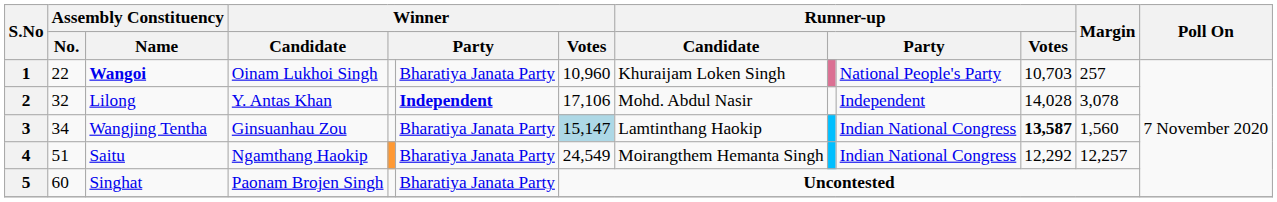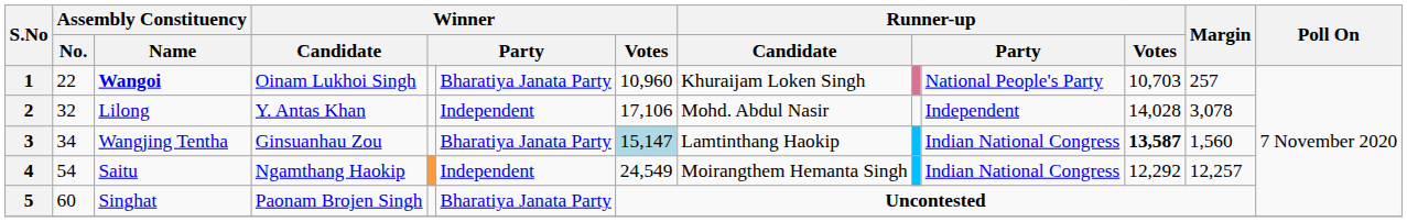 <table class="wikitable sortable">
 <tr>
 <th rowspan="2">S.No</th>
 <th colspan="2">Assembly Constituency</th>
 <th colspan="4">Winner</th>
 <th colspan="4">Runner-up</th>
 <th rowspan="2">Margin</th>
 <th rowspan="2">Poll On</th>
 </tr>
 <tr>
 <th>No.</th>
 <th>Name</th>
 <th>Candidate</th>
 <th colspan="2">Party</th>
 <th>Votes</th>
 <th>Candidate</th>
 <th colspan="2">Party</th>
 <th>Votes</th>
 </tr>
 <tr>
 <th>1</th>
 <td>22</td>
 <td><strong><a href='#'>Wangoi</a></strong></td>
 <td><a href='#'>Oinam Lukhoi Singh</a></td>
 <td></td>
 <td><a href='#'>Bharatiya Janata Party</a></td>
 <td>10,960</td>
 <td>Khuraijam Loken Singh</td>
 <td bgcolor=#DB7093></td>
 <td><a href='#'>National People's Party</a></td>
 <td>10,703</td>
 <td>257</td>
 <td rowspan=5>7 November 2020</td>
 </tr>
 <tr>
 <th>2</th>
 <td>32</td>
 <td><a href='#'>Lilong</a></td>
 <td><a href='#'>Y. Antas Khan</a></td>
 <td></td>
-<td><strong><a href='#'>Independent</a></strong></td>
+<td><a href='#'>Independent</a></td>
 <td>17,106</td>
 <td>Mohd. Abdul Nasir</td>
 <td></td>
 <td><a href='#'>Independent</a></td>
 <td>14,028</td>
 <td>3,078</td>
 </tr>
 <tr>
 <th>3</th>
 <td>34</td>
 <td><a href='#'>Wangjing Tentha</a></td>
 <td><a href='#'>Ginsuanhau Zou</a></td>
 <td></td>
 <td><a href='#'>Bharatiya Janata Party</a></td>
 <td style="background: lightblue;">15,147</td>
 <td>Lamtinthang Haokip</td>
 <td bgcolor=#00BFFF></td>
 <td><a href='#'>Indian National Congress</a></td>
 <td><strong>13,587</strong></td>
 <td>1,560</td>
 </tr>
 <tr>
 <th>4</th>
-<td>51</td>
+<td>54</td>
 <td><a href='#'>Saitu</a></td>
 <td><a href='#'>Ngamthang Haokip</a></td>
 <td bgcolor=#FF9933></td>
-<td><a href='#'>Bharatiya Janata Party</a></td>
+<td><a href='#'>Independent</a></td>
 <td>24,549</td>
 <td>Moirangthem Hemanta Singh</td>
 <td bgcolor=#00BFFF></td>
 <td><a href='#'>Indian National Congress</a></td>
 <td>12,292</td>
 <td>12,257</td>
 </tr>
 <tr>
 <th>5</th>
 <td>60</td>
 <td><a href='#'>Singhat</a></td>
 <td><a href='#'>Paonam Brojen Singh</a></td>
 <td></td>
 <td><a href='#'>Bharatiya Janata Party</a></td>
 <td Align="Center" Colspan =6><strong>Uncontested</strong></td>
 </tr>
 <tr>
 </tr>
 </table>
